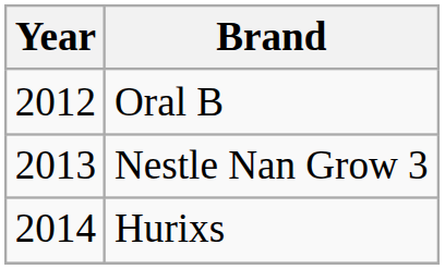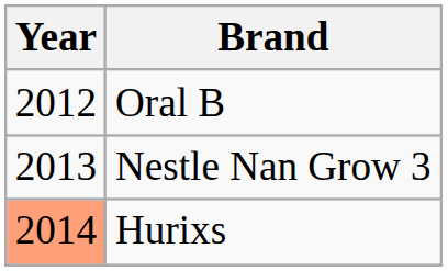 <table class="wikitable sortable">
 <tr>
 <th>Year</th>
 <th>Brand</th>
 </tr>
 <tr>
 <td>2012</td>
 <td>Oral B</td>
 </tr>
 <tr>
 <td>2013</td>
 <td>Nestle Nan Grow 3</td>
 </tr>
 <tr>
-<td>2014</td>
+<td style="background: lightsalmon;">2014</td>
 <td>Hurixs</td>
 </tr>
 <tr>
 </tr>
 </table>
